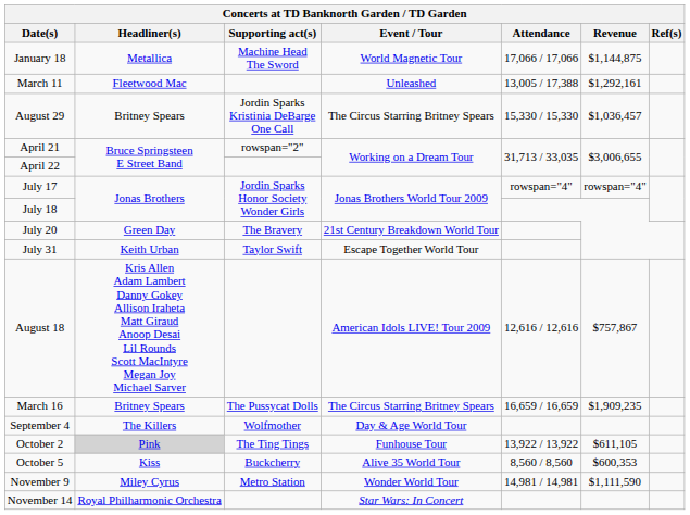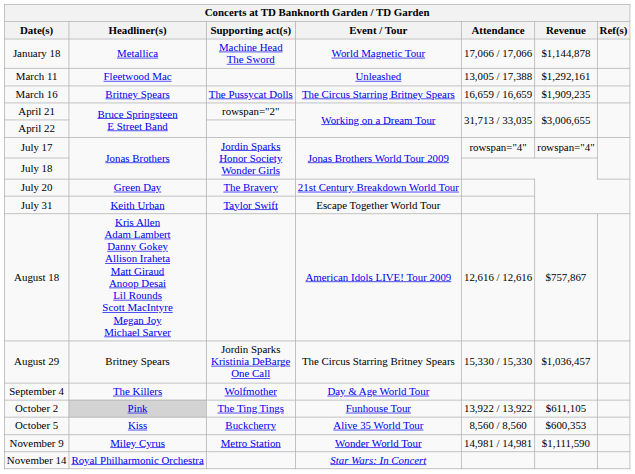 <table class="wikitable mw-collapsible mw-collapsed" style="text-align:center;">
 <tr>
 <th colspan="7">Concerts at TD Banknorth Garden / TD Garden</th>
 </tr>
 <tr>
 <th>Date(s)</th>
 <th>Headliner(s)</th>
 <th>Supporting act(s)</th>
 <th>Event / Tour</th>
 <th>Attendance</th>
 <th>Revenue</th>
 <th>Ref(s)</th>
 </tr>
 <tr>
 <td>January 18</td>
 <td><a href='#'>Metallica</a></td>
 <td><a href='#'>Machine Head</a><br><a href='#'>The Sword</a></td>
 <td><a href='#'>World Magnetic Tour</a></td>
 <td>17,066 / 17,066</td>
-<td>$1,144,875</td>
+<td>$1,144,878</td>
 <td></td>
 </tr>
 <tr>
 <td>March 11</td>
 <td><a href='#'>Fleetwood Mac</a></td>
 <td></td>
 <td><a href='#'>Unleashed</a></td>
 <td>13,005 / 17,388</td>
 <td>$1,292,161</td>
 <td></td>
 </tr>
 <tr>
-<td>August 29</td>
-<td>Britney Spears</td>
-<td>Jordin Sparks<br><a href='#'>Kristinia DeBarge</a><br><a href='#'>One Call</a></td>
-<td>The Circus Starring Britney Spears</td>
-<td>15,330 / 15,330</td>
-<td>$1,036,457</td>
+<td>March 16</td>
+<td><a href='#'>Britney Spears</a></td>
+<td><a href='#'>The Pussycat Dolls</a></td>
+<td><a href='#'>The Circus Starring Britney Spears</a></td>
+<td>16,659 / 16,659</td>
+<td>$1,909,235</td>
 <td></td>
 </tr>
 <tr>
 <td>April 21</td>
 <td rowspan="2"><a href='#'>Bruce Springsteen</a><br><a href='#'>E Street Band</a></td>
 <td>rowspan="2" </td>
 <td rowspan="2"><a href='#'>Working on a Dream Tour</a></td>
 <td rowspan="2">31,713 / 33,035</td>
 <td rowspan="2">$3,006,655</td>
 <td rowspan="2"></td>
 </tr>
 <tr>
 <td>April 22</td>
 </tr>
 <tr>
 <td>July 17</td>
 <td rowspan="2"><a href='#'>Jonas Brothers</a></td>
 <td rowspan="2"><a href='#'>Jordin Sparks</a><br><a href='#'>Honor Society</a><br><a href='#'>Wonder Girls</a></td>
 <td rowspan="2"><a href='#'>Jonas Brothers World Tour 2009</a></td>
 <td>rowspan="4" </td>
 <td>rowspan="4" </td>
 <td rowspan="2"></td>
 </tr>
 <tr>
 <td>July 18</td>
 </tr>
 <tr>
 <td>July 20</td>
 <td><a href='#'>Green Day</a></td>
 <td><a href='#'>The Bravery</a></td>
 <td><a href='#'>21st Century Breakdown World Tour</a></td>
 <td></td>
 </tr>
 <tr>
 <td>July 31</td>
 <td><a href='#'>Keith Urban</a></td>
 <td><a href='#'>Taylor Swift</a></td>
 <td>Escape Together World Tour</td>
 <td></td>
 </tr>
 <tr>
 <td>August 18</td>
 <td><a href='#'>Kris Allen</a><br><a href='#'>Adam Lambert</a><br><a href='#'>Danny Gokey</a><br><a href='#'>Allison Iraheta</a><br><a href='#'>Matt Giraud</a><br><a href='#'>Anoop Desai</a><br><a href='#'>Lil Rounds</a><br><a href='#'>Scott MacIntyre</a><br><a href='#'>Megan Joy</a><br><a href='#'>Michael Sarver</a></td>
 <td></td>
 <td><a href='#'>American Idols LIVE! Tour 2009</a></td>
 <td>12,616 / 12,616</td>
 <td>$757,867</td>
 <td></td>
 </tr>
 <tr>
-<td>March 16</td>
-<td><a href='#'>Britney Spears</a></td>
-<td><a href='#'>The Pussycat Dolls</a></td>
-<td><a href='#'>The Circus Starring Britney Spears</a></td>
-<td>16,659 / 16,659</td>
-<td>$1,909,235</td>
+<td>August 29</td>
+<td>Britney Spears</td>
+<td>Jordin Sparks<br><a href='#'>Kristinia DeBarge</a><br><a href='#'>One Call</a></td>
+<td>The Circus Starring Britney Spears</td>
+<td>15,330 / 15,330</td>
+<td>$1,036,457</td>
 <td></td>
 </tr>
 <tr>
 <td>September 4</td>
 <td><a href='#'>The Killers</a></td>
 <td><a href='#'>Wolfmother</a></td>
 <td><a href='#'>Day & Age World Tour</a></td>
 <td></td>
 <td></td>
 <td></td>
 </tr>
 <tr>
 <td>October 2</td>
 <td style="background: lightgrey;"><a href='#'>Pink</a></td>
 <td><a href='#'>The Ting Tings</a></td>
 <td><a href='#'>Funhouse Tour</a></td>
 <td>13,922 / 13,922</td>
 <td>$611,105</td>
 <td></td>
 </tr>
 <tr>
 <td>October 5</td>
 <td><a href='#'>Kiss</a></td>
 <td><a href='#'>Buckcherry</a></td>
 <td><a href='#'>Alive 35 World Tour</a></td>
 <td>8,560 / 8,560</td>
 <td>$600,353</td>
 <td></td>
 </tr>
 <tr>
 <td>November 9</td>
 <td><a href='#'>Miley Cyrus</a></td>
 <td><a href='#'>Metro Station</a></td>
 <td><a href='#'>Wonder World Tour</a></td>
 <td>14,981 / 14,981</td>
 <td>$1,111,590</td>
 <td></td>
 </tr>
 <tr>
 <td>November 14</td>
 <td><a href='#'>Royal Philharmonic Orchestra</a></td>
 <td></td>
 <td><em><a href='#'>Star Wars: In Concert</a></em></td>
 <td></td>
 <td></td>
 <td></td>
 </tr>
 </table>
